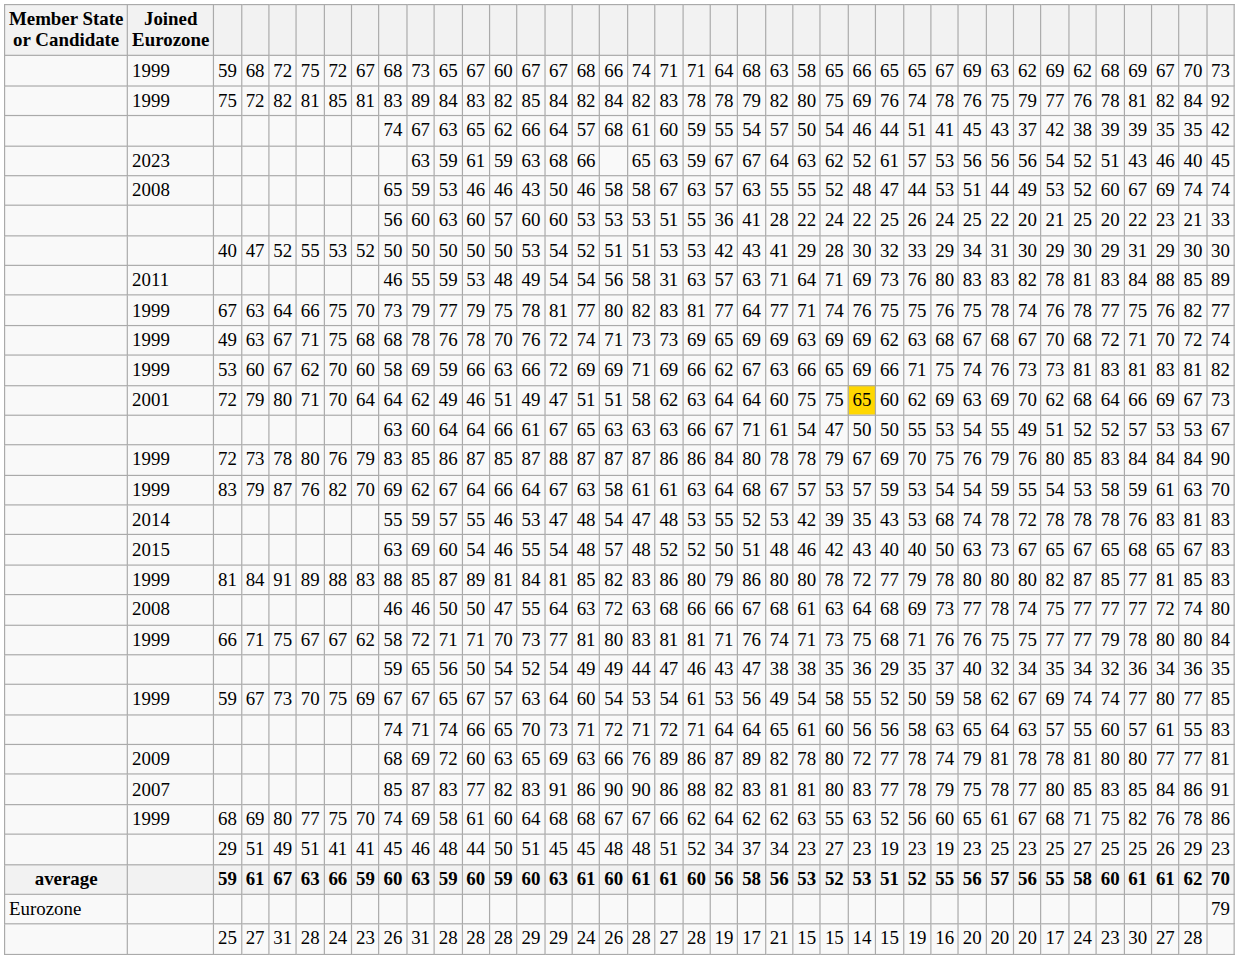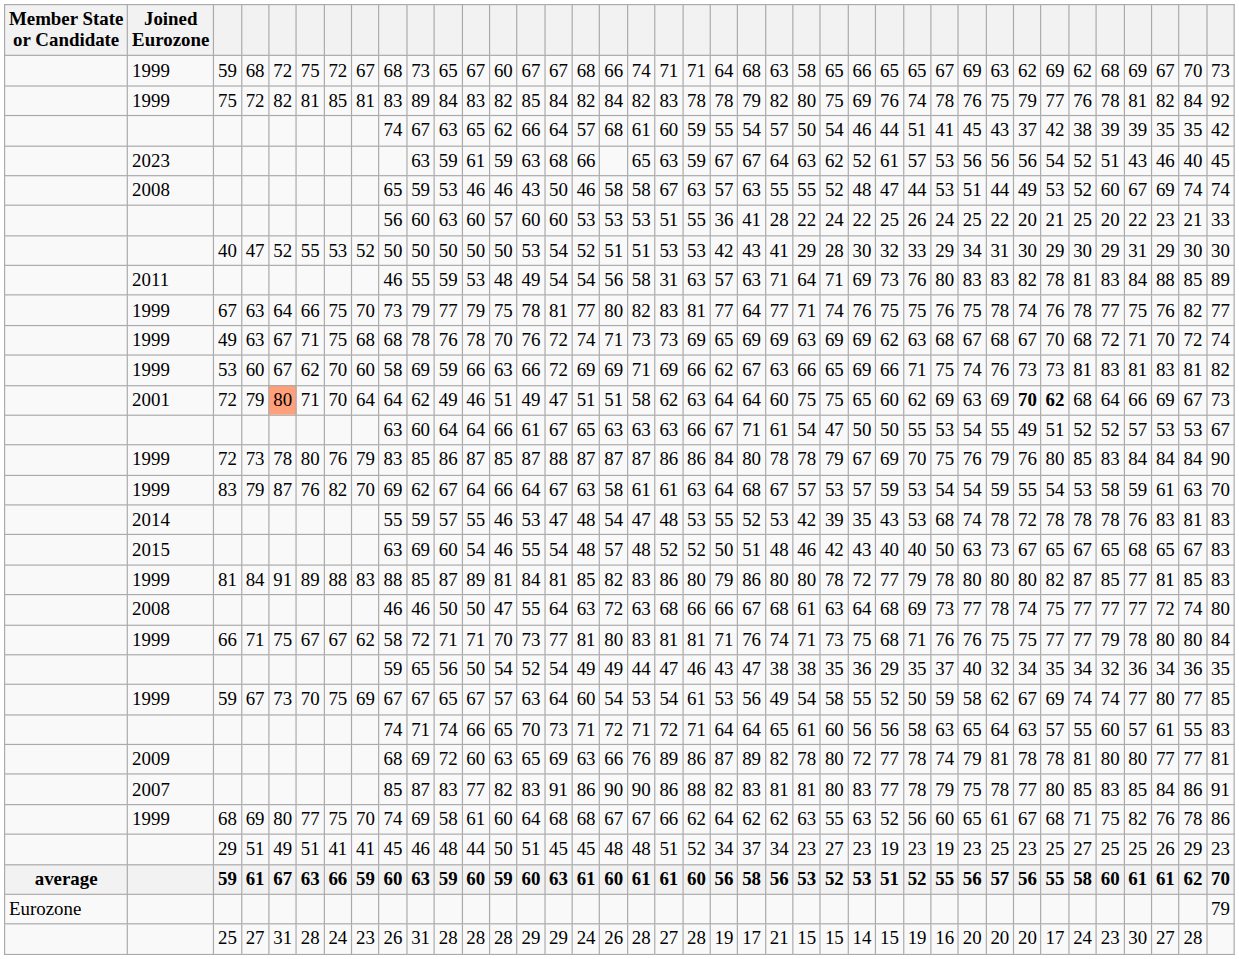 <table class="wikitable sortable">
 <tr>
 <th>Member State<br>or Candidate</th>
 <th>Joined<br>Eurozone</th>
 <th></th>
 <th></th>
 <th></th>
 <th></th>
 <th></th>
 <th></th>
 <th></th>
 <th></th>
 <th></th>
 <th></th>
 <th></th>
 <th></th>
 <th></th>
 <th></th>
 <th></th>
 <th></th>
 <th></th>
 <th></th>
 <th></th>
 <th></th>
 <th></th>
 <th></th>
 <th></th>
 <th></th>
 <th></th>
 <th></th>
 <th></th>
 <th></th>
 <th></th>
 <th></th>
 <th></th>
 <th></th>
 <th></th>
 <th></th>
 <th></th>
 <th></th>
 <th></th>
 </tr>
 <tr>
 <td></td>
 <td>1999</td>
 <td>59</td>
 <td>68</td>
 <td>72</td>
 <td>75</td>
 <td>72</td>
 <td>67</td>
 <td>68</td>
 <td>73</td>
 <td>65</td>
 <td>67</td>
 <td>60</td>
 <td>67</td>
 <td>67</td>
 <td>68</td>
 <td>66</td>
 <td>74</td>
 <td>71</td>
 <td>71</td>
 <td>64</td>
 <td>68</td>
 <td>63</td>
 <td>58</td>
 <td>65</td>
 <td>66</td>
 <td>65</td>
 <td>65</td>
 <td>67</td>
 <td>69</td>
 <td>63</td>
 <td>62</td>
 <td>69</td>
 <td>62</td>
 <td>68</td>
 <td>69</td>
 <td>67</td>
 <td>70</td>
 <td>73</td>
 </tr>
 <tr>
 <td></td>
 <td>1999</td>
 <td>75</td>
 <td>72</td>
 <td>82</td>
 <td>81</td>
 <td>85</td>
 <td>81</td>
 <td>83</td>
 <td>89</td>
 <td>84</td>
 <td>83</td>
 <td>82</td>
 <td>85</td>
 <td>84</td>
 <td>82</td>
 <td>84</td>
 <td>82</td>
 <td>83</td>
 <td>78</td>
 <td>78</td>
 <td>79</td>
 <td>82</td>
 <td>80</td>
 <td>75</td>
 <td>69</td>
 <td>76</td>
 <td>74</td>
 <td>78</td>
 <td>76</td>
 <td>75</td>
 <td>79</td>
 <td>77</td>
 <td>76</td>
 <td>78</td>
 <td>81</td>
 <td>82</td>
 <td>84</td>
 <td>92</td>
 </tr>
 <tr>
 <td></td>
 <td></td>
 <td></td>
 <td></td>
 <td></td>
 <td></td>
 <td></td>
 <td></td>
 <td>74</td>
 <td>67</td>
 <td>63</td>
 <td>65</td>
 <td>62</td>
 <td>66</td>
 <td>64</td>
 <td>57</td>
 <td>68</td>
 <td>61</td>
 <td>60</td>
 <td>59</td>
 <td>55</td>
 <td>54</td>
 <td>57</td>
 <td>50</td>
 <td>54</td>
 <td>46</td>
 <td>44</td>
 <td>51</td>
 <td>41</td>
 <td>45</td>
 <td>43</td>
 <td>37</td>
 <td>42</td>
 <td>38</td>
 <td>39</td>
 <td>39</td>
 <td>35</td>
 <td>35</td>
 <td>42</td>
 </tr>
 <tr>
 <td></td>
 <td>2023</td>
 <td></td>
 <td></td>
 <td></td>
 <td></td>
 <td></td>
 <td></td>
 <td></td>
 <td>63</td>
 <td>59</td>
 <td>61</td>
 <td>59</td>
 <td>63</td>
 <td>68</td>
 <td>66</td>
 <td></td>
 <td>65</td>
 <td>63</td>
 <td>59</td>
 <td>67</td>
 <td>67</td>
 <td>64</td>
 <td>63</td>
 <td>62</td>
 <td>52</td>
 <td>61</td>
 <td>57</td>
 <td>53</td>
 <td>56</td>
 <td>56</td>
 <td>56</td>
 <td>54</td>
 <td>52</td>
 <td>51</td>
 <td>43</td>
 <td>46</td>
 <td>40</td>
 <td>45</td>
 </tr>
 <tr>
 <td></td>
 <td>2008</td>
 <td></td>
 <td></td>
 <td></td>
 <td></td>
 <td></td>
 <td></td>
 <td>65</td>
 <td>59</td>
 <td>53</td>
 <td>46</td>
 <td>46</td>
 <td>43</td>
 <td>50</td>
 <td>46</td>
 <td>58</td>
 <td>58</td>
 <td>67</td>
 <td>63</td>
 <td>57</td>
 <td>63</td>
 <td>55</td>
 <td>55</td>
 <td>52</td>
 <td>48</td>
 <td>47</td>
 <td>44</td>
 <td>53</td>
 <td>51</td>
 <td>44</td>
 <td>49</td>
 <td>53</td>
 <td>52</td>
 <td>60</td>
 <td>67</td>
 <td>69</td>
 <td>74</td>
 <td>74</td>
 </tr>
 <tr>
 <td></td>
 <td></td>
 <td></td>
 <td></td>
 <td></td>
 <td></td>
 <td></td>
 <td></td>
 <td>56</td>
 <td>60</td>
 <td>63</td>
 <td>60</td>
 <td>57</td>
 <td>60</td>
 <td>60</td>
 <td>53</td>
 <td>53</td>
 <td>53</td>
 <td>51</td>
 <td>55</td>
 <td>36</td>
 <td>41</td>
 <td>28</td>
 <td>22</td>
 <td>24</td>
 <td>22</td>
 <td>25</td>
 <td>26</td>
 <td>24</td>
 <td>25</td>
 <td>22</td>
 <td>20</td>
 <td>21</td>
 <td>25</td>
 <td>20</td>
 <td>22</td>
 <td>23</td>
 <td>21</td>
 <td>33</td>
 </tr>
 <tr>
 <td></td>
 <td></td>
 <td>40</td>
 <td>47</td>
 <td>52</td>
 <td>55</td>
 <td>53</td>
 <td>52</td>
 <td>50</td>
 <td>50</td>
 <td>50</td>
 <td>50</td>
 <td>50</td>
 <td>53</td>
 <td>54</td>
 <td>52</td>
 <td>51</td>
 <td>51</td>
 <td>53</td>
 <td>53</td>
 <td>42</td>
 <td>43</td>
 <td>41</td>
 <td>29</td>
 <td>28</td>
 <td>30</td>
 <td>32</td>
 <td>33</td>
 <td>29</td>
 <td>34</td>
 <td>31</td>
 <td>30</td>
 <td>29</td>
 <td>30</td>
 <td>29</td>
 <td>31</td>
 <td>29</td>
 <td>30</td>
 <td>30</td>
 </tr>
 <tr>
 <td></td>
 <td>2011</td>
 <td></td>
 <td></td>
 <td></td>
 <td></td>
 <td></td>
 <td></td>
 <td>46</td>
 <td>55</td>
 <td>59</td>
 <td>53</td>
 <td>48</td>
 <td>49</td>
 <td>54</td>
 <td>54</td>
 <td>56</td>
 <td>58</td>
 <td>31</td>
 <td>63</td>
 <td>57</td>
 <td>63</td>
 <td>71</td>
 <td>64</td>
 <td>71</td>
 <td>69</td>
 <td>73</td>
 <td>76</td>
 <td>80</td>
 <td>83</td>
 <td>83</td>
 <td>82</td>
 <td>78</td>
 <td>81</td>
 <td>83</td>
 <td>84</td>
 <td>88</td>
 <td>85</td>
 <td>89</td>
 </tr>
 <tr>
 <td></td>
 <td>1999</td>
 <td>67</td>
 <td>63</td>
 <td>64</td>
 <td>66</td>
 <td>75</td>
 <td>70</td>
 <td>73</td>
 <td>79</td>
 <td>77</td>
 <td>79</td>
 <td>75</td>
 <td>78</td>
 <td>81</td>
 <td>77</td>
 <td>80</td>
 <td>82</td>
 <td>83</td>
 <td>81</td>
 <td>77</td>
 <td>64</td>
 <td>77</td>
 <td>71</td>
 <td>74</td>
 <td>76</td>
 <td>75</td>
 <td>75</td>
 <td>76</td>
 <td>75</td>
 <td>78</td>
 <td>74</td>
 <td>76</td>
 <td>78</td>
 <td>77</td>
 <td>75</td>
 <td>76</td>
 <td>82</td>
 <td>77</td>
 </tr>
 <tr>
 <td></td>
 <td>1999</td>
 <td>49</td>
 <td>63</td>
 <td>67</td>
 <td>71</td>
 <td>75</td>
 <td>68</td>
 <td>68</td>
 <td>78</td>
 <td>76</td>
 <td>78</td>
 <td>70</td>
 <td>76</td>
 <td>72</td>
 <td>74</td>
 <td>71</td>
 <td>73</td>
 <td>73</td>
 <td>69</td>
 <td>65</td>
 <td>69</td>
 <td>69</td>
 <td>63</td>
 <td>69</td>
 <td>69</td>
 <td>62</td>
 <td>63</td>
 <td>68</td>
 <td>67</td>
 <td>68</td>
 <td>67</td>
 <td>70</td>
 <td>68</td>
 <td>72</td>
 <td>71</td>
 <td>70</td>
 <td>72</td>
 <td>74</td>
 </tr>
 <tr>
 <td></td>
 <td>1999</td>
 <td>53</td>
 <td>60</td>
 <td>67</td>
 <td>62</td>
 <td>70</td>
 <td>60</td>
 <td>58</td>
 <td>69</td>
 <td>59</td>
 <td>66</td>
 <td>63</td>
 <td>66</td>
 <td>72</td>
 <td>69</td>
 <td>69</td>
 <td>71</td>
 <td>69</td>
 <td>66</td>
 <td>62</td>
 <td>67</td>
 <td>63</td>
 <td>66</td>
 <td>65</td>
 <td>69</td>
 <td>66</td>
 <td>71</td>
 <td>75</td>
 <td>74</td>
 <td>76</td>
 <td>73</td>
 <td>73</td>
 <td>81</td>
 <td>83</td>
 <td>81</td>
 <td>83</td>
 <td>81</td>
 <td>82</td>
 </tr>
 <tr>
 <td></td>
 <td>2001</td>
 <td>72</td>
 <td>79</td>
-<td>80</td>
+<td style="background: lightsalmon;">80</td>
 <td>71</td>
 <td>70</td>
 <td>64</td>
 <td>64</td>
 <td>62</td>
 <td>49</td>
 <td>46</td>
 <td>51</td>
 <td>49</td>
 <td>47</td>
 <td>51</td>
 <td>51</td>
 <td>58</td>
 <td>62</td>
 <td>63</td>
 <td>64</td>
 <td>64</td>
 <td>60</td>
 <td>75</td>
 <td>75</td>
-<td style="background: gold;">65</td>
+<td>65</td>
 <td>60</td>
 <td>62</td>
 <td>69</td>
 <td>63</td>
 <td>69</td>
-<td>70</td>
-<td>62</td>
+<td><strong>70</strong></td>
+<td><strong>62</strong></td>
 <td>68</td>
 <td>64</td>
 <td>66</td>
 <td>69</td>
 <td>67</td>
 <td>73</td>
 </tr>
 <tr>
 <td></td>
 <td></td>
 <td></td>
 <td></td>
 <td></td>
 <td></td>
 <td></td>
 <td></td>
 <td>63</td>
 <td>60</td>
 <td>64</td>
 <td>64</td>
 <td>66</td>
 <td>61</td>
 <td>67</td>
 <td>65</td>
 <td>63</td>
 <td>63</td>
 <td>63</td>
 <td>66</td>
 <td>67</td>
 <td>71</td>
 <td>61</td>
 <td>54</td>
 <td>47</td>
 <td>50</td>
 <td>50</td>
 <td>55</td>
 <td>53</td>
 <td>54</td>
 <td>55</td>
 <td>49</td>
 <td>51</td>
 <td>52</td>
 <td>52</td>
 <td>57</td>
 <td>53</td>
 <td>53</td>
 <td>67</td>
 </tr>
 <tr>
 <td></td>
 <td>1999</td>
 <td>72</td>
 <td>73</td>
 <td>78</td>
 <td>80</td>
 <td>76</td>
 <td>79</td>
 <td>83</td>
 <td>85</td>
 <td>86</td>
 <td>87</td>
 <td>85</td>
 <td>87</td>
 <td>88</td>
 <td>87</td>
 <td>87</td>
 <td>87</td>
 <td>86</td>
 <td>86</td>
 <td>84</td>
 <td>80</td>
 <td>78</td>
 <td>78</td>
 <td>79</td>
 <td>67</td>
 <td>69</td>
 <td>70</td>
 <td>75</td>
 <td>76</td>
 <td>79</td>
 <td>76</td>
 <td>80</td>
 <td>85</td>
 <td>83</td>
 <td>84</td>
 <td>84</td>
 <td>84</td>
 <td>90</td>
 </tr>
 <tr>
 <td></td>
 <td>1999</td>
 <td>83</td>
 <td>79</td>
 <td>87</td>
 <td>76</td>
 <td>82</td>
 <td>70</td>
 <td>69</td>
 <td>62</td>
 <td>67</td>
 <td>64</td>
 <td>66</td>
 <td>64</td>
 <td>67</td>
 <td>63</td>
 <td>58</td>
 <td>61</td>
 <td>61</td>
 <td>63</td>
 <td>64</td>
 <td>68</td>
 <td>67</td>
 <td>57</td>
 <td>53</td>
 <td>57</td>
 <td>59</td>
 <td>53</td>
 <td>54</td>
 <td>54</td>
 <td>59</td>
 <td>55</td>
 <td>54</td>
 <td>53</td>
 <td>58</td>
 <td>59</td>
 <td>61</td>
 <td>63</td>
 <td>70</td>
 </tr>
 <tr>
 <td></td>
 <td>2014</td>
 <td></td>
 <td></td>
 <td></td>
 <td></td>
 <td></td>
 <td></td>
 <td>55</td>
 <td>59</td>
 <td>57</td>
 <td>55</td>
 <td>46</td>
 <td>53</td>
 <td>47</td>
 <td>48</td>
 <td>54</td>
 <td>47</td>
 <td>48</td>
 <td>53</td>
 <td>55</td>
 <td>52</td>
 <td>53</td>
 <td>42</td>
 <td>39</td>
 <td>35</td>
 <td>43</td>
 <td>53</td>
 <td>68</td>
 <td>74</td>
 <td>78</td>
 <td>72</td>
 <td>78</td>
 <td>78</td>
 <td>78</td>
 <td>76</td>
 <td>83</td>
 <td>81</td>
 <td>83</td>
 </tr>
 <tr>
 <td></td>
 <td>2015</td>
 <td></td>
 <td></td>
 <td></td>
 <td></td>
 <td></td>
 <td></td>
 <td>63</td>
 <td>69</td>
 <td>60</td>
 <td>54</td>
 <td>46</td>
 <td>55</td>
 <td>54</td>
 <td>48</td>
 <td>57</td>
 <td>48</td>
 <td>52</td>
 <td>52</td>
 <td>50</td>
 <td>51</td>
 <td>48</td>
 <td>46</td>
 <td>42</td>
 <td>43</td>
 <td>40</td>
 <td>40</td>
 <td>50</td>
 <td>63</td>
 <td>73</td>
 <td>67</td>
 <td>65</td>
 <td>67</td>
 <td>65</td>
 <td>68</td>
 <td>65</td>
 <td>67</td>
 <td>83</td>
 </tr>
 <tr>
 <td></td>
 <td>1999</td>
 <td>81</td>
 <td>84</td>
 <td>91</td>
 <td>89</td>
 <td>88</td>
 <td>83</td>
 <td>88</td>
 <td>85</td>
 <td>87</td>
 <td>89</td>
 <td>81</td>
 <td>84</td>
 <td>81</td>
 <td>85</td>
 <td>82</td>
 <td>83</td>
 <td>86</td>
 <td>80</td>
 <td>79</td>
 <td>86</td>
 <td>80</td>
 <td>80</td>
 <td>78</td>
 <td>72</td>
 <td>77</td>
 <td>79</td>
 <td>78</td>
 <td>80</td>
 <td>80</td>
 <td>80</td>
 <td>82</td>
 <td>87</td>
 <td>85</td>
 <td>77</td>
 <td>81</td>
 <td>85</td>
 <td>83</td>
 </tr>
 <tr>
 <td></td>
 <td>2008</td>
 <td></td>
 <td></td>
 <td></td>
 <td></td>
 <td></td>
 <td></td>
 <td>46</td>
 <td>46</td>
 <td>50</td>
 <td>50</td>
 <td>47</td>
 <td>55</td>
 <td>64</td>
 <td>63</td>
 <td>72</td>
 <td>63</td>
 <td>68</td>
 <td>66</td>
 <td>66</td>
 <td>67</td>
 <td>68</td>
 <td>61</td>
 <td>63</td>
 <td>64</td>
 <td>68</td>
 <td>69</td>
 <td>73</td>
 <td>77</td>
 <td>78</td>
 <td>74</td>
 <td>75</td>
 <td>77</td>
 <td>77</td>
 <td>77</td>
 <td>72</td>
 <td>74</td>
 <td>80</td>
 </tr>
 <tr>
 <td></td>
 <td>1999</td>
 <td>66</td>
 <td>71</td>
 <td>75</td>
 <td>67</td>
 <td>67</td>
 <td>62</td>
 <td>58</td>
 <td>72</td>
 <td>71</td>
 <td>71</td>
 <td>70</td>
 <td>73</td>
 <td>77</td>
 <td>81</td>
 <td>80</td>
 <td>83</td>
 <td>81</td>
 <td>81</td>
 <td>71</td>
 <td>76</td>
 <td>74</td>
 <td>71</td>
 <td>73</td>
 <td>75</td>
 <td>68</td>
 <td>71</td>
 <td>76</td>
 <td>76</td>
 <td>75</td>
 <td>75</td>
 <td>77</td>
 <td>77</td>
 <td>79</td>
 <td>78</td>
 <td>80</td>
 <td>80</td>
 <td>84</td>
 </tr>
 <tr>
 <td></td>
 <td></td>
 <td></td>
 <td></td>
 <td></td>
 <td></td>
 <td></td>
 <td></td>
 <td>59</td>
 <td>65</td>
 <td>56</td>
 <td>50</td>
 <td>54</td>
 <td>52</td>
 <td>54</td>
 <td>49</td>
 <td>49</td>
 <td>44</td>
 <td>47</td>
 <td>46</td>
 <td>43</td>
 <td>47</td>
 <td>38</td>
 <td>38</td>
 <td>35</td>
 <td>36</td>
 <td>29</td>
 <td>35</td>
 <td>37</td>
 <td>40</td>
 <td>32</td>
 <td>34</td>
 <td>35</td>
 <td>34</td>
 <td>32</td>
 <td>36</td>
 <td>34</td>
 <td>36</td>
 <td>35</td>
 </tr>
 <tr>
 <td></td>
 <td>1999</td>
 <td>59</td>
 <td>67</td>
 <td>73</td>
 <td>70</td>
 <td>75</td>
 <td>69</td>
 <td>67</td>
 <td>67</td>
 <td>65</td>
 <td>67</td>
 <td>57</td>
 <td>63</td>
 <td>64</td>
 <td>60</td>
 <td>54</td>
 <td>53</td>
 <td>54</td>
 <td>61</td>
 <td>53</td>
 <td>56</td>
 <td>49</td>
 <td>54</td>
 <td>58</td>
 <td>55</td>
 <td>52</td>
 <td>50</td>
 <td>59</td>
 <td>58</td>
 <td>62</td>
 <td>67</td>
 <td>69</td>
 <td>74</td>
 <td>74</td>
 <td>77</td>
 <td>80</td>
 <td>77</td>
 <td>85</td>
 </tr>
 <tr>
 <td></td>
 <td></td>
 <td></td>
 <td></td>
 <td></td>
 <td></td>
 <td></td>
 <td></td>
 <td>74</td>
 <td>71</td>
 <td>74</td>
 <td>66</td>
 <td>65</td>
 <td>70</td>
 <td>73</td>
 <td>71</td>
 <td>72</td>
 <td>71</td>
 <td>72</td>
 <td>71</td>
 <td>64</td>
 <td>64</td>
 <td>65</td>
 <td>61</td>
 <td>60</td>
 <td>56</td>
 <td>56</td>
 <td>58</td>
 <td>63</td>
 <td>65</td>
 <td>64</td>
 <td>63</td>
 <td>57</td>
 <td>55</td>
 <td>60</td>
 <td>57</td>
 <td>61</td>
 <td>55</td>
 <td>83</td>
 </tr>
 <tr>
 <td></td>
 <td>2009</td>
 <td></td>
 <td></td>
 <td></td>
 <td></td>
 <td></td>
 <td></td>
 <td>68</td>
 <td>69</td>
 <td>72</td>
 <td>60</td>
 <td>63</td>
 <td>65</td>
 <td>69</td>
 <td>63</td>
 <td>66</td>
 <td>76</td>
 <td>89</td>
 <td>86</td>
 <td>87</td>
 <td>89</td>
 <td>82</td>
 <td>78</td>
 <td>80</td>
 <td>72</td>
 <td>77</td>
 <td>78</td>
 <td>74</td>
 <td>79</td>
 <td>81</td>
 <td>78</td>
 <td>78</td>
 <td>81</td>
 <td>80</td>
 <td>80</td>
 <td>77</td>
 <td>77</td>
 <td>81</td>
 </tr>
 <tr>
 <td></td>
 <td>2007</td>
 <td></td>
 <td></td>
 <td></td>
 <td></td>
 <td></td>
 <td></td>
 <td>85</td>
 <td>87</td>
 <td>83</td>
 <td>77</td>
 <td>82</td>
 <td>83</td>
 <td>91</td>
 <td>86</td>
 <td>90</td>
 <td>90</td>
 <td>86</td>
 <td>88</td>
 <td>82</td>
 <td>83</td>
 <td>81</td>
 <td>81</td>
 <td>80</td>
 <td>83</td>
 <td>77</td>
 <td>78</td>
 <td>79</td>
 <td>75</td>
 <td>78</td>
 <td>77</td>
 <td>80</td>
 <td>85</td>
 <td>83</td>
 <td>85</td>
 <td>84</td>
 <td>86</td>
 <td>91</td>
 </tr>
 <tr>
 <td></td>
 <td>1999</td>
 <td>68</td>
 <td>69</td>
 <td>80</td>
 <td>77</td>
 <td>75</td>
 <td>70</td>
 <td>74</td>
 <td>69</td>
 <td>58</td>
 <td>61</td>
 <td>60</td>
 <td>64</td>
 <td>68</td>
 <td>68</td>
 <td>67</td>
 <td>67</td>
 <td>66</td>
 <td>62</td>
 <td>64</td>
 <td>62</td>
 <td>62</td>
 <td>63</td>
 <td>55</td>
 <td>63</td>
 <td>52</td>
 <td>56</td>
 <td>60</td>
 <td>65</td>
 <td>61</td>
 <td>67</td>
 <td>68</td>
 <td>71</td>
 <td>75</td>
 <td>82</td>
 <td>76</td>
 <td>78</td>
 <td>86</td>
 </tr>
 <tr>
 <td></td>
 <td></td>
 <td>29</td>
 <td>51</td>
 <td>49</td>
 <td>51</td>
 <td>41</td>
 <td>41</td>
 <td>45</td>
 <td>46</td>
 <td>48</td>
 <td>44</td>
 <td>50</td>
 <td>51</td>
 <td>45</td>
 <td>45</td>
 <td>48</td>
 <td>48</td>
 <td>51</td>
 <td>52</td>
 <td>34</td>
 <td>37</td>
 <td>34</td>
 <td>23</td>
 <td>27</td>
 <td>23</td>
 <td>19</td>
 <td>23</td>
 <td>19</td>
 <td>23</td>
 <td>25</td>
 <td>23</td>
 <td>25</td>
 <td>27</td>
 <td>25</td>
 <td>25</td>
 <td>26</td>
 <td>29</td>
 <td>23</td>
 </tr>
 <tr>
 <th class="unsortable"> average</th>
 <th></th>
 <th>59</th>
 <th>61</th>
 <th>67</th>
 <th>63</th>
 <th>66</th>
 <th>59</th>
 <th>60</th>
 <th>63</th>
 <th>59</th>
 <th>60</th>
 <th>59</th>
 <th>60</th>
 <th>63</th>
 <th>61</th>
 <th>60</th>
 <th>61</th>
 <th>61</th>
 <th>60</th>
 <th>56</th>
 <th>58</th>
 <th>56</th>
 <th>53</th>
 <th>52</th>
 <th>53</th>
 <th>51</th>
 <th>52</th>
 <th>55</th>
 <th>56</th>
 <th>57</th>
 <th>56</th>
 <th>55</th>
 <th>58</th>
 <th>60</th>
 <th>61</th>
 <th>61</th>
 <th>62</th>
 <th>70</th>
 </tr>
 <tr>
 <td>Eurozone</td>
 <td></td>
 <td></td>
 <td></td>
 <td></td>
 <td></td>
 <td></td>
 <td></td>
 <td></td>
 <td></td>
 <td></td>
 <td></td>
 <td></td>
 <td></td>
 <td></td>
 <td></td>
 <td></td>
 <td></td>
 <td></td>
 <td></td>
 <td></td>
 <td></td>
 <td></td>
 <td></td>
 <td></td>
 <td></td>
 <td></td>
 <td></td>
 <td></td>
 <td></td>
 <td></td>
 <td></td>
 <td></td>
 <td></td>
 <td></td>
 <td></td>
 <td></td>
 <td></td>
 <td>79</td>
 </tr>
 <tr>
 <td></td>
 <td></td>
 <td>25</td>
 <td>27</td>
 <td>31</td>
 <td>28</td>
 <td>24</td>
 <td>23</td>
 <td>26</td>
 <td>31</td>
 <td>28</td>
 <td>28</td>
 <td>28</td>
 <td>29</td>
 <td>29</td>
 <td>24</td>
 <td>26</td>
 <td>28</td>
 <td>27</td>
 <td>28</td>
 <td>19</td>
 <td>17</td>
 <td>21</td>
 <td>15</td>
 <td>15</td>
 <td>14</td>
 <td>15</td>
 <td>19</td>
 <td>16</td>
 <td>20</td>
 <td>20</td>
 <td>20</td>
 <td>17</td>
 <td>24</td>
 <td>23</td>
 <td>30</td>
 <td>27</td>
 <td>28</td>
 </tr>
 </table>
